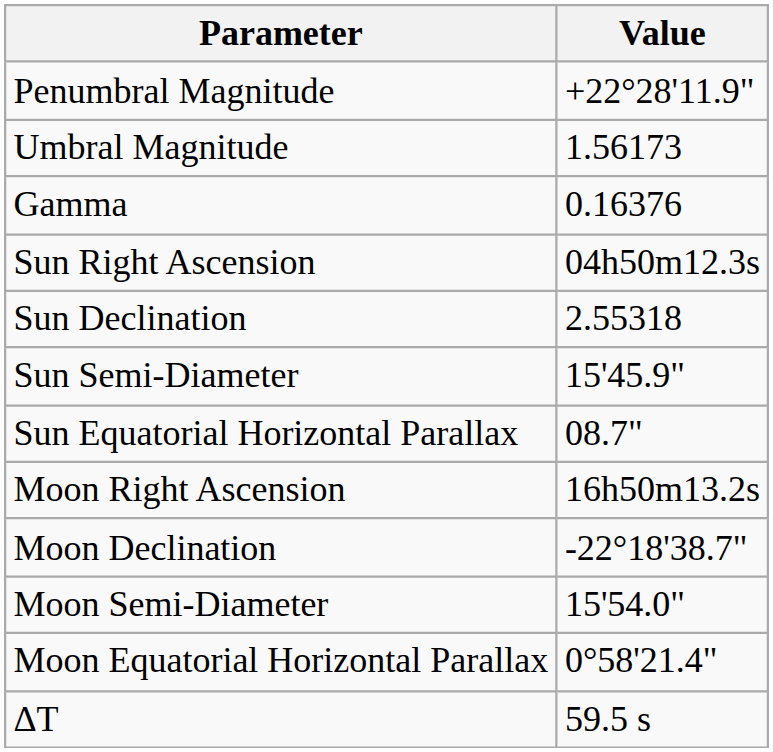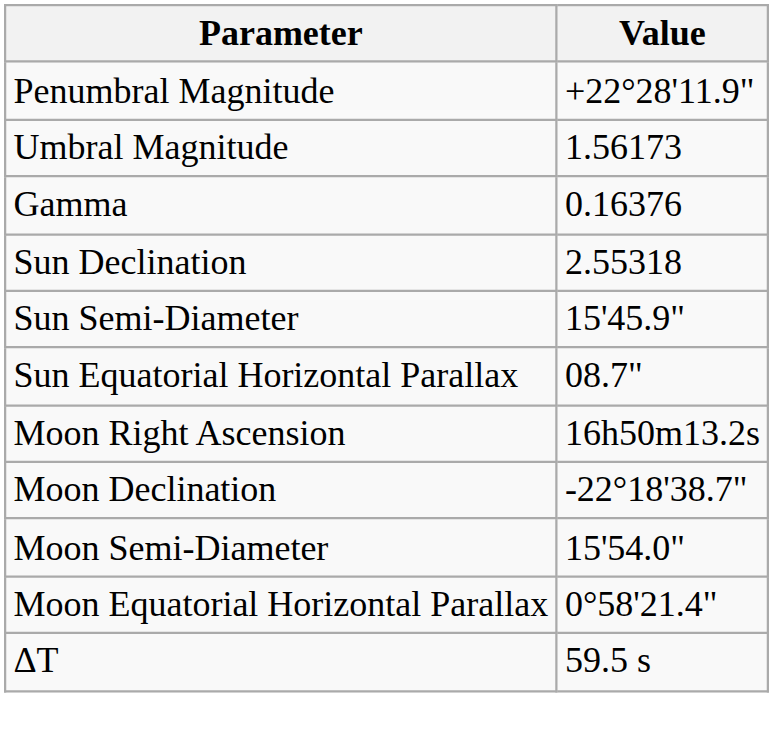 <table class="wikitable">
 <tr>
 <th>Parameter</th>
 <th>Value</th>
 </tr>
 <tr>
 <td>Penumbral Magnitude</td>
 <td>+22°28'11.9"</td>
 </tr>
 <tr>
 <td>Umbral Magnitude</td>
 <td>1.56173</td>
 </tr>
 <tr>
 <td>Gamma</td>
 <td>0.16376</td>
-</tr>
-<tr>
-<td>Sun Right Ascension</td>
-<td>04h50m12.3s</td>
 </tr>
 <tr>
 <td>Sun Declination</td>
 <td>2.55318</td>
 </tr>
 <tr>
 <td>Sun Semi-Diameter</td>
 <td>15'45.9"</td>
 </tr>
 <tr>
 <td>Sun Equatorial Horizontal Parallax</td>
 <td>08.7"</td>
 </tr>
 <tr>
 <td>Moon Right Ascension</td>
 <td>16h50m13.2s</td>
 </tr>
 <tr>
 <td>Moon Declination</td>
 <td>-22°18'38.7"</td>
 </tr>
 <tr>
 <td>Moon Semi-Diameter</td>
 <td>15'54.0"</td>
 </tr>
 <tr>
 <td>Moon Equatorial Horizontal Parallax</td>
 <td>0°58'21.4"</td>
 </tr>
 <tr>
 <td>ΔT</td>
 <td>59.5 s</td>
 </tr>
 </table>
